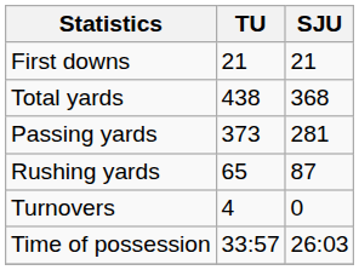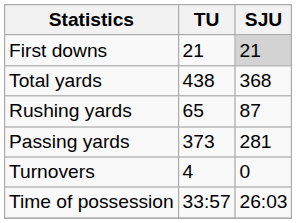 <table class="wikitable">
 <tr>
 <th>Statistics</th>
 <th>TU</th>
 <th>SJU</th>
 </tr>
 <tr>
 <td>First downs</td>
 <td>21</td>
-<td>21</td>
+<td style="background: lightgrey;">21</td>
 </tr>
 <tr>
 <td>Total yards</td>
 <td>438</td>
 <td>368</td>
 </tr>
 <tr>
+<td>Rushing yards</td>
+<td>65</td>
+<td>87</td>
+</tr>
+<tr>
 <td>Passing yards</td>
 <td>373</td>
 <td>281</td>
-</tr>
-<tr>
-<td>Rushing yards</td>
-<td>65</td>
-<td>87</td>
 </tr>
 <tr>
 <td>Turnovers</td>
 <td>4</td>
 <td>0</td>
 </tr>
 <tr>
 <td>Time of possession</td>
 <td>33:57</td>
 <td>26:03</td>
 </tr>
 <tr>
 </tr>
 </table>
